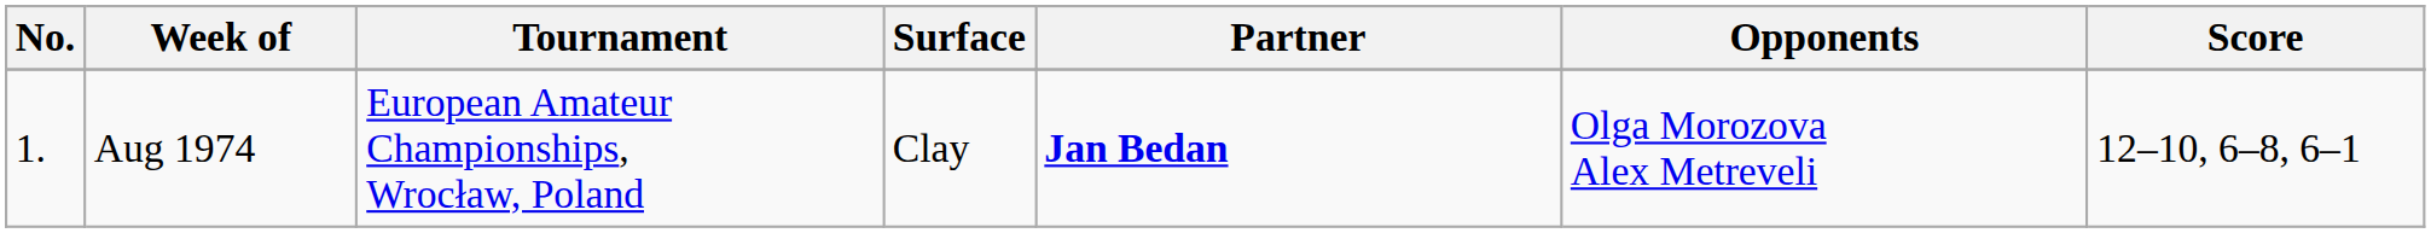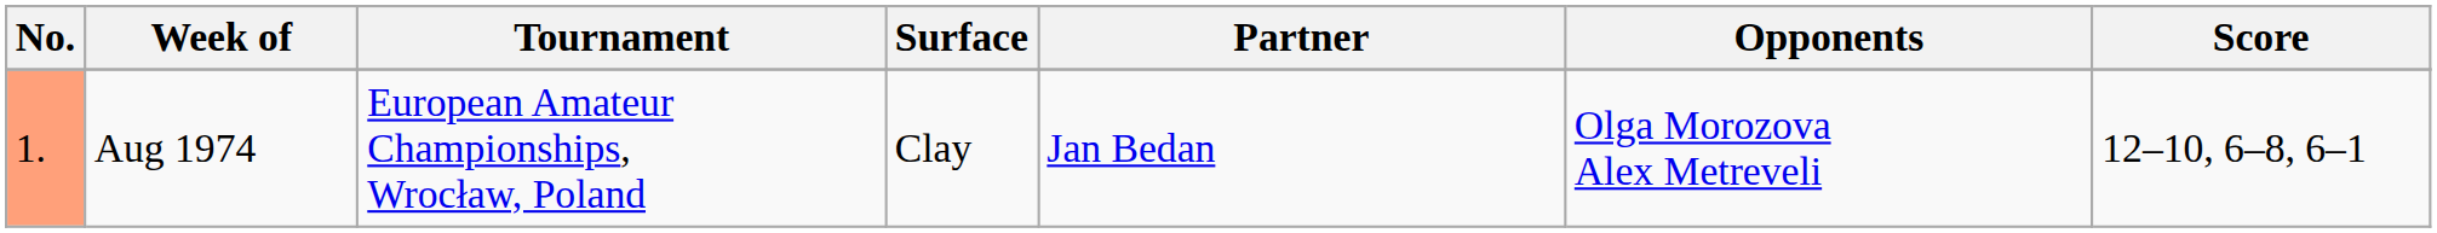 <table class="sortable wikitable">
 <tr>
 <th>No.</th>
 <th width=100>Week of</th>
 <th width=200>Tournament</th>
 <th>Surface</th>
 <th width=200>Partner</th>
 <th width=200>Opponents</th>
 <th width=125>Score</th>
 </tr>
 <tr>
 </tr>
 <tr>
-<td>1.</td>
+<td style="background: lightsalmon;">1.</td>
 <td>Aug 1974</td>
 <td><a href='#'>European Amateur Championships</a>,<br><a href='#'>Wrocław, Poland</a></td>
 <td>Clay</td>
-<td><strong> <a href='#'>Jan Bedan</a></strong></td>
+<td> <a href='#'>Jan Bedan</a></td>
 <td> <a href='#'>Olga Morozova</a><br> <a href='#'>Alex Metreveli</a></td>
 <td>12–10, 6–8, 6–1</td>
 </tr>
 </table>
